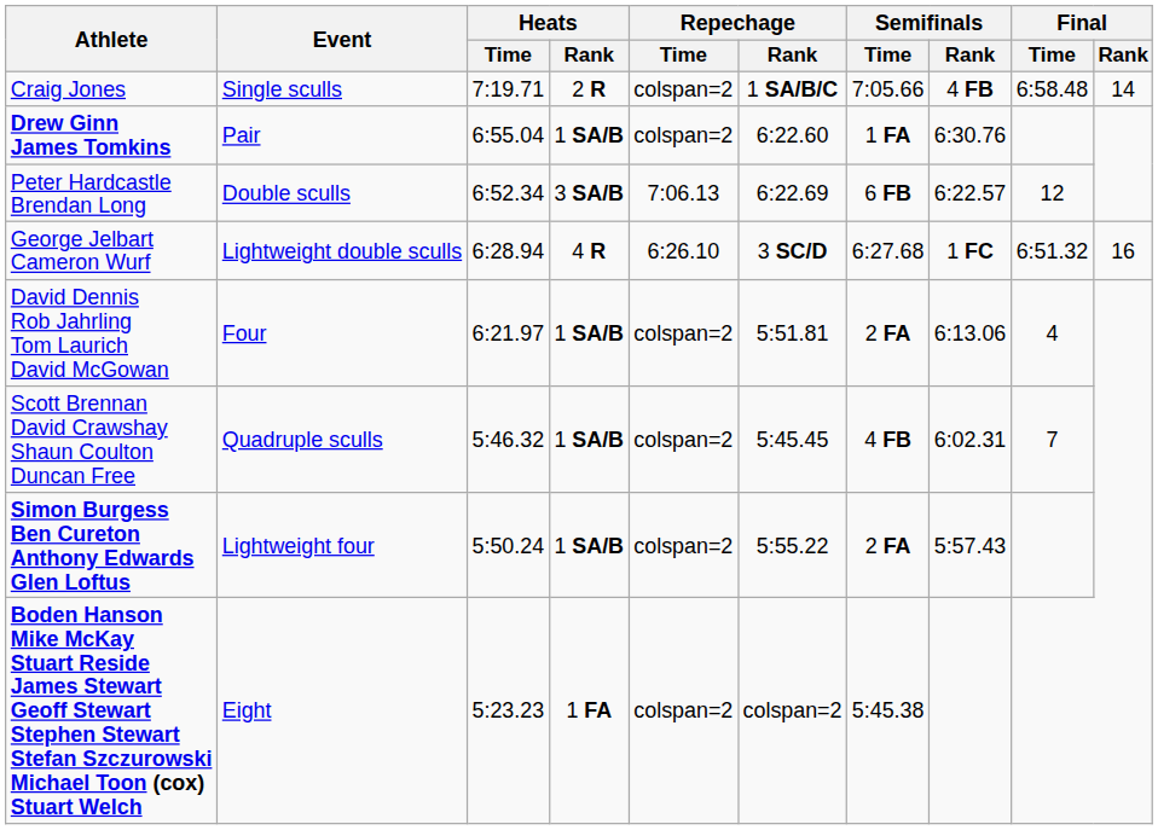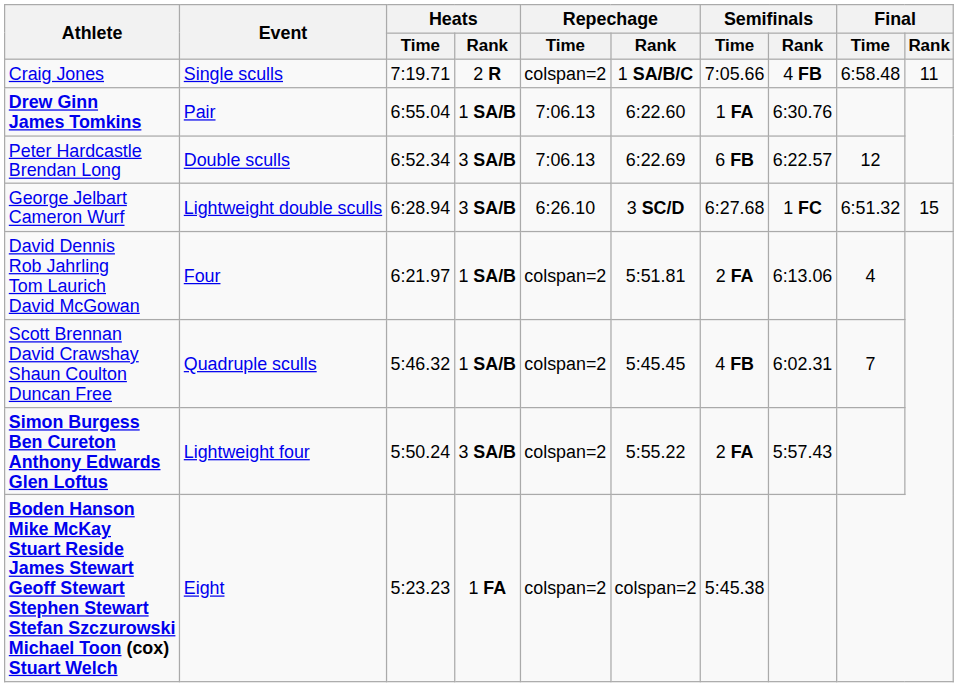 <table class="wikitable" style="font-size:90%;">
 <tr>
 <th rowspan="2">Athlete</th>
 <th rowspan="2">Event</th>
 <th colspan="2">Heats</th>
 <th colspan="2">Repechage</th>
 <th colspan="2">Semifinals</th>
 <th colspan="2">Final</th>
 </tr>
 <tr style="font-size:95%">
 <th>Time</th>
 <th>Rank</th>
 <th>Time</th>
 <th>Rank</th>
 <th>Time</th>
 <th>Rank</th>
 <th>Time</th>
 <th>Rank</th>
 </tr>
 <tr align=center>
 <td align=left><a href='#'>Craig Jones</a></td>
 <td align=left><a href='#'>Single sculls</a></td>
 <td>7:19.71</td>
 <td>2 <strong>R</strong></td>
 <td>colspan=2 </td>
 <td>1 <strong>SA/B/C</strong></td>
 <td>7:05.66</td>
 <td>4 <strong>FB</strong></td>
 <td>6:58.48</td>
-<td>14</td>
+<td>11</td>
 </tr>
 <tr align=center>
 <td align=left><strong><a href='#'>Drew Ginn</a><br><a href='#'>James Tomkins</a></strong></td>
 <td align=left><a href='#'>Pair</a></td>
 <td>6:55.04</td>
 <td>1 <strong>SA/B</strong></td>
-<td>colspan=2 </td>
+<td>7:06.13</td>
 <td>6:22.60</td>
 <td>1 <strong>FA</strong></td>
 <td>6:30.76</td>
 <td></td>
 </tr>
 <tr align=center>
 <td align=left><a href='#'>Peter Hardcastle</a><br><a href='#'>Brendan Long</a></td>
 <td align=left><a href='#'>Double sculls</a></td>
 <td>6:52.34</td>
 <td>3 <strong>SA/B</strong></td>
 <td>7:06.13</td>
 <td>6:22.69</td>
 <td>6 <strong>FB</strong></td>
 <td>6:22.57</td>
 <td>12 </td>
 </tr>
 <tr align=center>
 <td align=left><a href='#'>George Jelbart</a><br><a href='#'>Cameron Wurf</a></td>
 <td align=left><a href='#'>Lightweight double sculls</a></td>
 <td>6:28.94</td>
-<td>4 <strong>R</strong></td>
+<td>3 <strong>SA/B</strong></td>
 <td>6:26.10</td>
 <td>3 <strong>SC/D</strong></td>
 <td>6:27.68</td>
 <td>1 <strong>FC</strong></td>
 <td>6:51.32</td>
-<td>16</td>
+<td>15</td>
 </tr>
 <tr align=center>
 <td align=left><a href='#'>David Dennis</a><br><a href='#'>Rob Jahrling</a><br><a href='#'>Tom Laurich</a><br><a href='#'>David McGowan</a></td>
 <td align=left><a href='#'>Four</a></td>
 <td>6:21.97</td>
 <td>1 <strong>SA/B</strong></td>
 <td>colspan=2 </td>
 <td>5:51.81</td>
 <td>2 <strong>FA</strong></td>
 <td>6:13.06</td>
 <td>4</td>
 </tr>
 <tr align=center>
 <td align=left><a href='#'>Scott Brennan</a><br><a href='#'>David Crawshay</a><br><a href='#'>Shaun Coulton</a><br><a href='#'>Duncan Free</a></td>
 <td align=left><a href='#'>Quadruple sculls</a></td>
 <td>5:46.32</td>
 <td>1 <strong>SA/B</strong></td>
 <td>colspan=2 </td>
 <td>5:45.45</td>
 <td>4 <strong>FB</strong></td>
 <td>6:02.31</td>
 <td>7</td>
 </tr>
 <tr align=center>
 <td align=left><strong><a href='#'>Simon Burgess</a><br><a href='#'>Ben Cureton</a><br><a href='#'>Anthony Edwards</a><br><a href='#'>Glen Loftus</a></strong></td>
 <td align=left><a href='#'>Lightweight four</a></td>
 <td>5:50.24</td>
-<td>1 <strong>SA/B</strong></td>
+<td>3 <strong>SA/B</strong></td>
 <td>colspan=2 </td>
 <td>5:55.22</td>
 <td>2 <strong>FA</strong></td>
 <td>5:57.43</td>
 <td></td>
 </tr>
 <tr align=center>
 <td align=left><strong><a href='#'>Boden Hanson</a><br><a href='#'>Mike McKay</a><br><a href='#'>Stuart Reside</a><br><a href='#'>James Stewart</a><br><a href='#'>Geoff Stewart</a><br><a href='#'>Stephen Stewart</a><br><a href='#'>Stefan Szczurowski</a><br><a href='#'>Michael Toon</a> (cox)<br><a href='#'>Stuart Welch</a></strong></td>
 <td align=left><a href='#'>Eight</a></td>
 <td>5:23.23</td>
 <td>1 <strong>FA</strong></td>
 <td>colspan=2 </td>
 <td>colspan=2 </td>
 <td>5:45.38</td>
 <td></td>
 </tr>
 </table>
